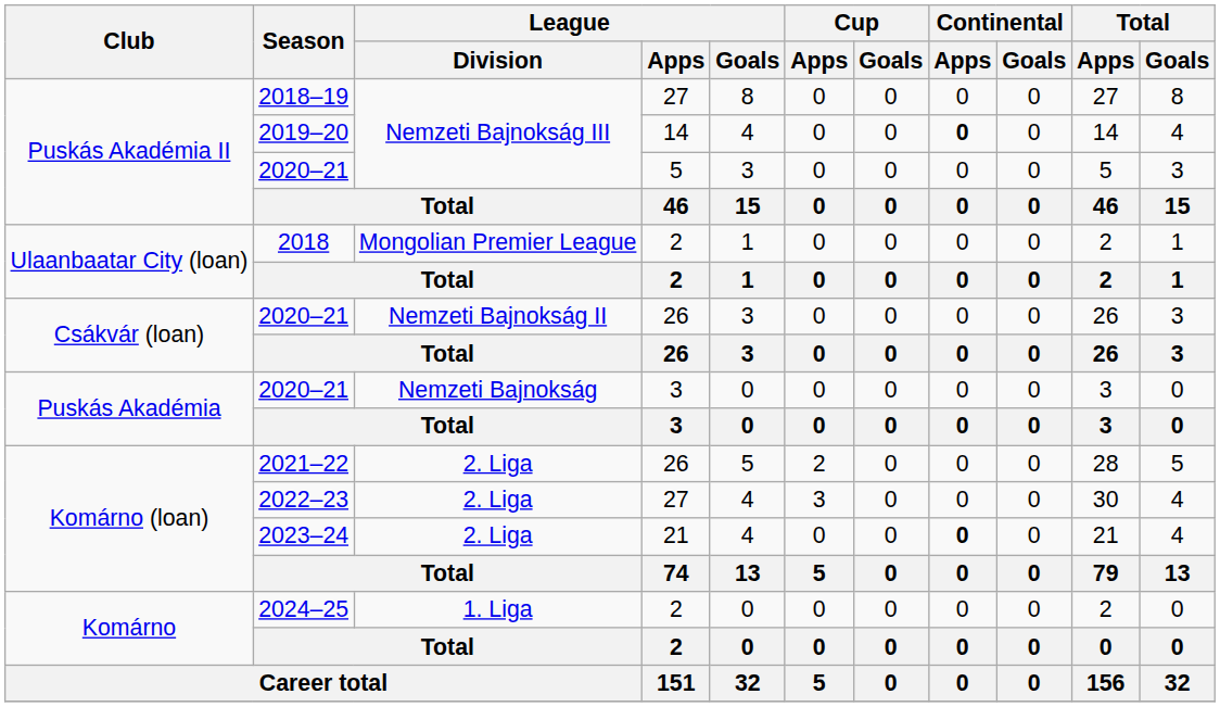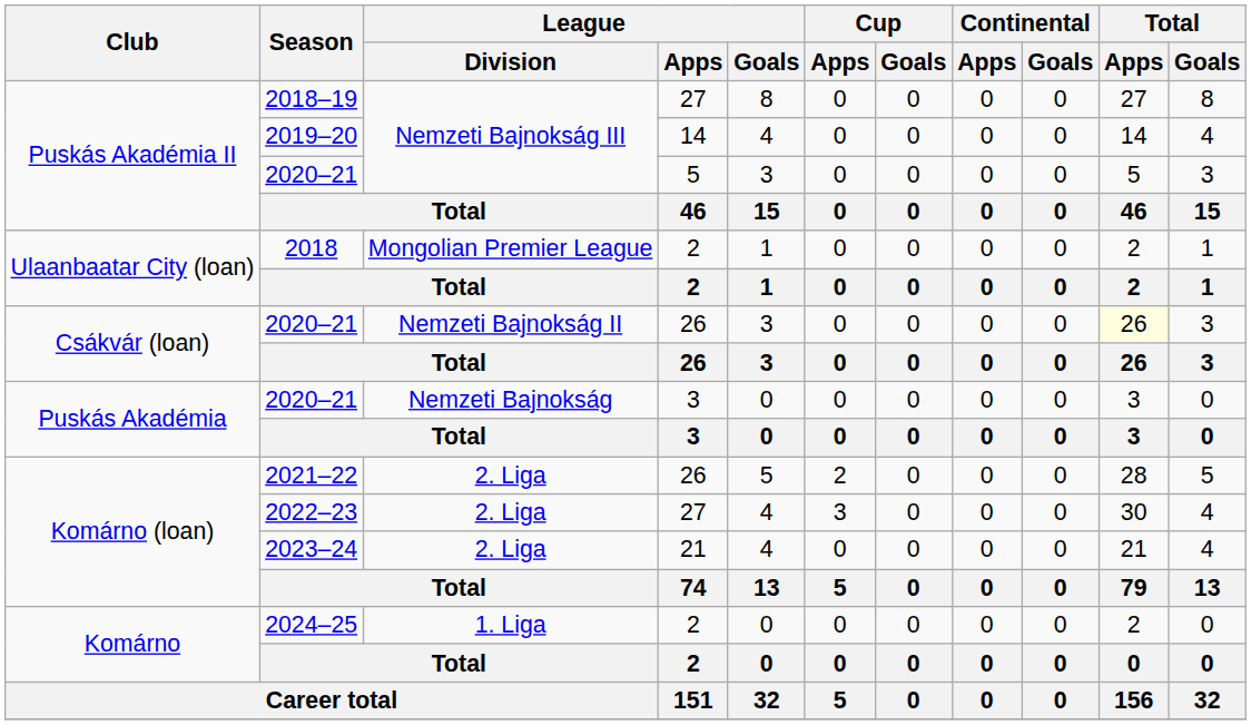 <table class="wikitable" style="text-align: center;">
 <tr>
 <th rowspan=2>Club</th>
 <th rowspan=2>Season</th>
 <th colspan=3>League</th>
 <th colspan=2>Cup</th>
 <th colspan=2>Continental</th>
 <th colspan=2>Total</th>
 </tr>
 <tr>
 <th>Division</th>
 <th>Apps</th>
 <th>Goals</th>
 <th>Apps</th>
 <th>Goals</th>
 <th>Apps</th>
 <th>Goals</th>
 <th>Apps</th>
 <th>Goals</th>
 </tr>
 <tr>
 <td rowspan=4><a href='#'>Puskás Akadémia II</a></td>
 <td><a href='#'>2018–19</a></td>
 <td rowspan=3><a href='#'>Nemzeti Bajnokság III</a></td>
 <td>27</td>
 <td>8</td>
 <td>0</td>
 <td>0</td>
 <td 0>0</td>
 <td>0</td>
 <td>27</td>
 <td>8</td>
 </tr>
 <tr>
 <td><a href='#'>2019–20</a></td>
 <td>14</td>
 <td>4</td>
 <td>0</td>
 <td>0</td>
-<td 0><strong>0</strong></td>
+<td 0>0</td>
 <td>0</td>
 <td>14</td>
 <td>4</td>
 </tr>
 <tr>
 <td><a href='#'>2020–21</a></td>
 <td>5</td>
 <td>3</td>
 <td>0</td>
 <td>0</td>
 <td 0>0</td>
 <td>0</td>
 <td>5</td>
 <td>3</td>
 </tr>
 <tr>
 <th colspan="2">Total</th>
 <th>46</th>
 <th>15</th>
 <th>0</th>
 <th>0</th>
 <th>0</th>
 <th>0</th>
 <th>46</th>
 <th>15</th>
 </tr>
 <tr>
 <td rowspan=2><a href='#'>Ulaanbaatar City</a> (loan)</td>
 <td><a href='#'>2018</a></td>
 <td><a href='#'>Mongolian Premier League</a></td>
 <td>2</td>
 <td>1</td>
 <td>0</td>
 <td>0</td>
 <td 0>0</td>
 <td>0</td>
 <td>2</td>
 <td>1</td>
 </tr>
 <tr>
 <th colspan="2">Total</th>
 <th>2</th>
 <th>1</th>
 <th>0</th>
 <th>0</th>
 <th>0</th>
 <th>0</th>
 <th>2</th>
 <th>1</th>
 </tr>
 <tr>
 <td rowspan=2><a href='#'>Csákvár</a> (loan)</td>
 <td><a href='#'>2020–21</a></td>
 <td><a href='#'>Nemzeti Bajnokság II</a></td>
 <td>26</td>
 <td>3</td>
 <td>0</td>
 <td>0</td>
 <td 0>0</td>
 <td>0</td>
-<td>26</td>
+<td style="background: lightyellow;">26</td>
 <td>3</td>
 </tr>
 <tr>
 <th colspan="2">Total</th>
 <th>26</th>
 <th>3</th>
 <th>0</th>
 <th>0</th>
 <th>0</th>
 <th>0</th>
 <th>26</th>
 <th>3</th>
 </tr>
 <tr>
 <td rowspan=2><a href='#'>Puskás Akadémia</a></td>
 <td><a href='#'>2020–21</a></td>
 <td><a href='#'>Nemzeti Bajnokság</a></td>
 <td>3</td>
 <td>0</td>
 <td>0</td>
 <td>0</td>
 <td 0>0</td>
 <td>0</td>
 <td>3</td>
 <td>0</td>
 </tr>
 <tr>
 <th colspan="2">Total</th>
 <th>3</th>
 <th>0</th>
 <th>0</th>
 <th>0</th>
 <th>0</th>
 <th>0</th>
 <th>3</th>
 <th>0</th>
 </tr>
 <tr>
 <td rowspan=4><a href='#'>Komárno</a> (loan)</td>
 <td><a href='#'>2021–22</a></td>
 <td><a href='#'>2. Liga</a></td>
 <td>26</td>
 <td>5</td>
 <td>2</td>
 <td>0</td>
 <td 0>0</td>
 <td>0</td>
 <td>28</td>
 <td>5</td>
 </tr>
 <tr>
 <td><a href='#'>2022–23</a></td>
 <td><a href='#'>2. Liga</a></td>
 <td>27</td>
 <td>4</td>
 <td>3</td>
 <td>0</td>
 <td>0</td>
 <td>0</td>
 <td>30</td>
 <td>4</td>
 </tr>
 <tr>
 <td><a href='#'>2023–24</a></td>
 <td><a href='#'>2. Liga</a></td>
 <td>21</td>
 <td>4</td>
 <td>0</td>
 <td>0</td>
-<td><strong>0</strong></td>
+<td>0</td>
 <td>0</td>
 <td>21</td>
 <td>4</td>
 </tr>
 <tr>
 <th colspan="2">Total</th>
 <th>74</th>
 <th>13</th>
 <th>5</th>
 <th>0</th>
 <th>0</th>
 <th>0</th>
 <th>79</th>
 <th>13</th>
 </tr>
 <tr>
 <td rowspan=2><a href='#'>Komárno</a></td>
 <td><a href='#'>2024–25</a></td>
 <td><a href='#'>1. Liga</a></td>
 <td>2</td>
 <td>0</td>
 <td>0</td>
 <td>0</td>
 <td 0>0</td>
 <td>0</td>
 <td>2</td>
 <td>0</td>
 </tr>
 <tr>
 <th colspan="2">Total</th>
 <th>2</th>
 <th>0</th>
 <th>0</th>
 <th>0</th>
 <th>0</th>
 <th>0</th>
 <th>0</th>
 <th>0</th>
 </tr>
 <tr>
 <th colspan="3">Career total</th>
 <th>151</th>
 <th>32</th>
 <th>5</th>
 <th>0</th>
 <th>0</th>
 <th>0</th>
 <th>156</th>
 <th>32</th>
 </tr>
 <tr>
 </tr>
 </table>
